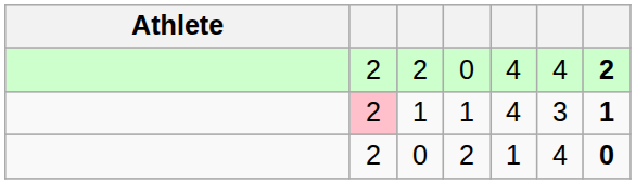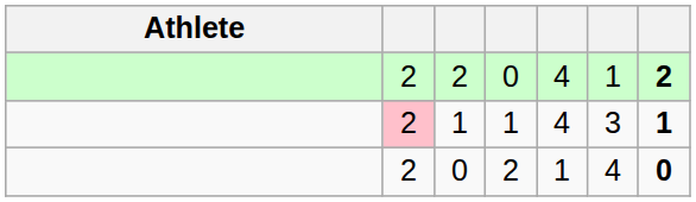 <table class=wikitable style="text-align:center">
 <tr>
 <th width=195>Athlete</th>
 <th width=20></th>
 <th width=20></th>
 <th width=20></th>
 <th width=20></th>
 <th width=20></th>
 <th width=20></th>
 </tr>
 <tr bgcolor=ccffcc>
 <td style="text-align:left"></td>
 <td>2</td>
 <td>2</td>
 <td>0</td>
 <td>4</td>
-<td>4</td>
+<td>1</td>
 <td><strong>2</strong></td>
 </tr>
 <tr>
 <td style="text-align:left"></td>
 <td style="background: pink;">2</td>
 <td>1</td>
 <td>1</td>
 <td>4</td>
 <td>3</td>
 <td><strong>1</strong></td>
 </tr>
 <tr>
 <td style="text-align:left"></td>
 <td>2</td>
 <td>0</td>
 <td>2</td>
 <td>1</td>
 <td>4</td>
 <td><strong>0</strong></td>
 </tr>
 </table>
